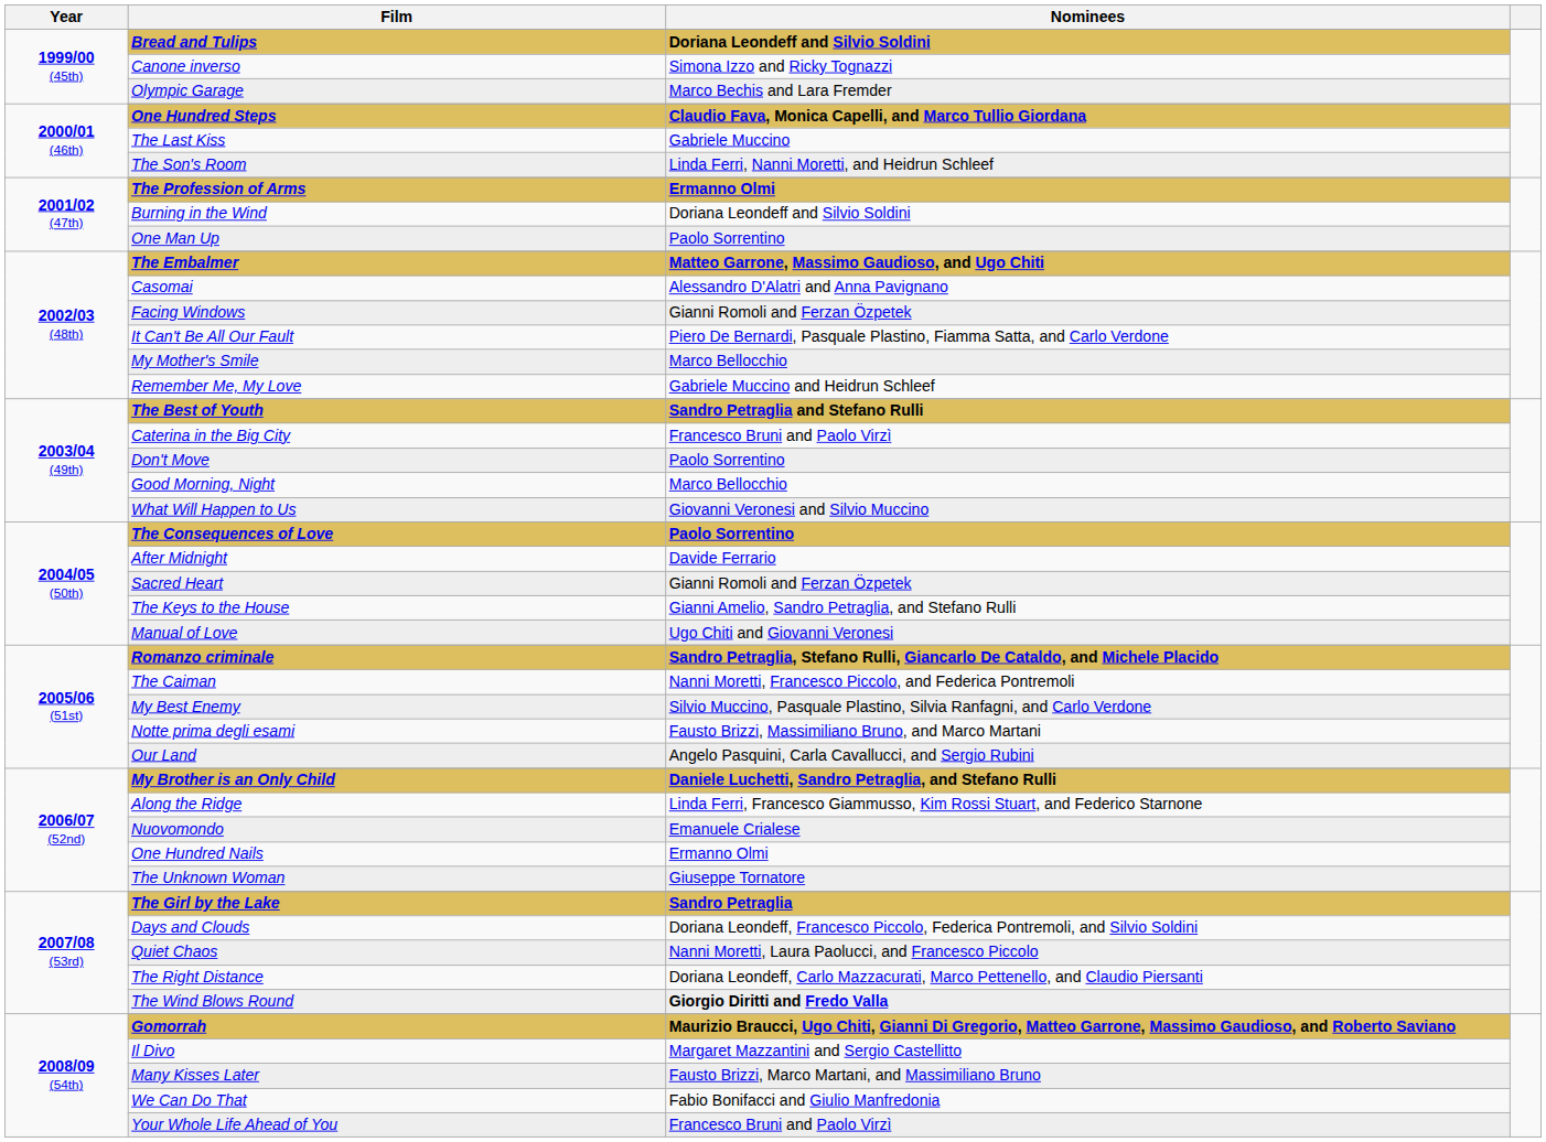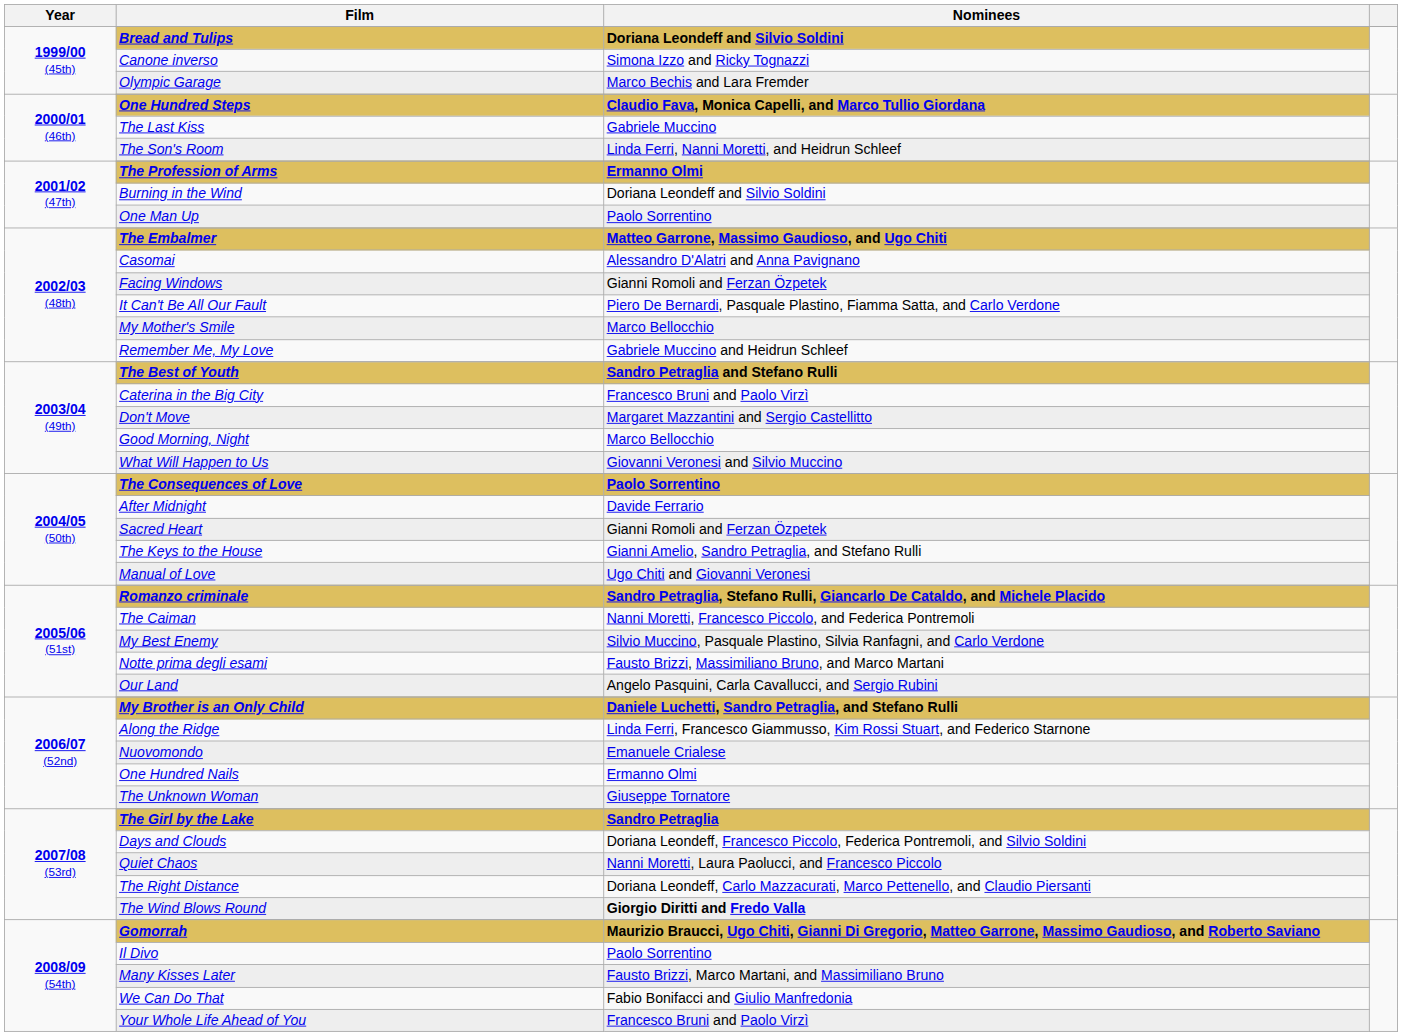 <table class="wikitable" style="width:100%">
 <tr bgcolor="#bebebe">
 <th width="8%">Year</th>
 <th width="35%">Film</th>
 <th width="55%">Nominees</th>
 <th width="2%" class="unstable"></th>
 </tr>
 <tr>
 <td rowspan=4 style="text-align:center"><strong><a href='#'>1999/00</a></strong><br><small><a href='#'>(45th)</a></small></td>
 </tr>
 <tr>
 <td style="background:#DDBF5F"><strong><em><a href='#'>Bread and Tulips</a></em></strong></td>
 <td style="background:#DDBF5F"><strong>Doriana Leondeff and <a href='#'>Silvio Soldini</a></strong></td>
 <td rowspan=4 style="text-align:center"></td>
 </tr>
 <tr>
 <td><em><a href='#'>Canone inverso</a></em></td>
 <td><a href='#'>Simona Izzo</a> and <a href='#'>Ricky Tognazzi</a></td>
 </tr>
 <tr style="background:#eee;">
 <td><em><a href='#'>Olympic Garage</a></em></td>
 <td><a href='#'>Marco Bechis</a> and Lara Fremder</td>
 </tr>
 <tr>
 <td rowspan=4 style="text-align:center"><strong><a href='#'>2000/01</a></strong><br><small><a href='#'>(46th)</a></small></td>
 </tr>
 <tr>
 <td style="background:#DDBF5F"><strong><em><a href='#'>One Hundred Steps</a></em></strong></td>
 <td style="background:#DDBF5F"><strong><a href='#'>Claudio Fava</a>, Monica Capelli, and <a href='#'>Marco Tullio Giordana</a></strong></td>
 <td rowspan=4 style="text-align:center"></td>
 </tr>
 <tr>
 <td><em><a href='#'>The Last Kiss</a></em></td>
 <td><a href='#'>Gabriele Muccino</a></td>
 </tr>
 <tr style="background:#eee;">
 <td><em><a href='#'>The Son's Room</a></em></td>
 <td><a href='#'>Linda Ferri</a>, <a href='#'>Nanni Moretti</a>, and Heidrun Schleef</td>
 </tr>
 <tr>
 <td rowspan=4 style="text-align:center"><strong><a href='#'>2001/02</a></strong><br><small><a href='#'>(47th)</a></small></td>
 </tr>
 <tr>
 <td style="background:#DDBF5F"><strong><em><a href='#'>The Profession of Arms</a></em></strong></td>
 <td style="background:#DDBF5F"><strong><a href='#'>Ermanno Olmi</a></strong></td>
 <td rowspan=4 style="text-align:center"></td>
 </tr>
 <tr>
 <td><em><a href='#'>Burning in the Wind</a></em></td>
 <td>Doriana Leondeff and <a href='#'>Silvio Soldini</a></td>
 </tr>
 <tr style="background:#eee;">
 <td><em><a href='#'>One Man Up</a></em></td>
 <td><a href='#'>Paolo Sorrentino</a></td>
 </tr>
 <tr>
 <td rowspan=7 style="text-align:center"><strong><a href='#'>2002/03</a></strong><br><small><a href='#'>(48th)</a></small></td>
 </tr>
 <tr>
 <td style="background:#DDBF5F"><strong><em><a href='#'>The Embalmer</a></em></strong></td>
 <td style="background:#DDBF5F"><strong><a href='#'>Matteo Garrone</a>, <a href='#'>Massimo Gaudioso</a>, and <a href='#'>Ugo Chiti</a></strong></td>
 <td rowspan=7 style="text-align:center"></td>
 </tr>
 <tr>
 <td><em><a href='#'>Casomai</a></em></td>
 <td><a href='#'>Alessandro D'Alatri</a> and <a href='#'>Anna Pavignano</a></td>
 </tr>
 <tr style="background:#eee;">
 <td><em><a href='#'>Facing Windows</a></em></td>
 <td>Gianni Romoli and <a href='#'>Ferzan Özpetek</a></td>
 </tr>
 <tr>
 <td><em><a href='#'>It Can't Be All Our Fault</a></em></td>
 <td><a href='#'>Piero De Bernardi</a>, Pasquale Plastino, Fiamma Satta, and <a href='#'>Carlo Verdone</a></td>
 </tr>
 <tr style="background:#eee;">
 <td><em><a href='#'>My Mother's Smile</a></em></td>
 <td><a href='#'>Marco Bellocchio</a></td>
 </tr>
 <tr>
 <td><em><a href='#'>Remember Me, My Love</a></em></td>
 <td><a href='#'>Gabriele Muccino</a> and  Heidrun Schleef</td>
 </tr>
 <tr>
 <td rowspan=6 style="text-align:center"><strong><a href='#'>2003/04</a></strong><br><small><a href='#'>(49th)</a></small></td>
 </tr>
 <tr>
 <td style="background:#DDBF5F"><strong><em><a href='#'>The Best of Youth</a></em></strong></td>
 <td style="background:#DDBF5F"><strong><a href='#'>Sandro Petraglia</a> and Stefano Rulli</strong></td>
 <td rowspan=6 style="text-align:center"></td>
 </tr>
 <tr>
 <td><em><a href='#'>Caterina in the Big City</a></em></td>
 <td><a href='#'>Francesco Bruni</a> and <a href='#'>Paolo Virzì</a></td>
 </tr>
 <tr style="background:#eee;">
 <td><em><a href='#'>Don't Move</a></em></td>
-<td><a href='#'>Paolo Sorrentino</a></td>
+<td><a href='#'>Margaret Mazzantini</a> and <a href='#'>Sergio Castellitto</a></td>
 </tr>
 <tr>
 <td><em><a href='#'>Good Morning, Night</a></em></td>
 <td><a href='#'>Marco Bellocchio</a></td>
 </tr>
 <tr style="background:#eee;">
 <td><em><a href='#'>What Will Happen to Us</a></em></td>
 <td><a href='#'>Giovanni Veronesi</a> and <a href='#'>Silvio Muccino</a></td>
 </tr>
 <tr>
 <td rowspan=6 style="text-align:center"><strong><a href='#'>2004/05</a></strong><br><small><a href='#'>(50th)</a></small></td>
 </tr>
 <tr>
 <td style="background:#DDBF5F"><strong><em><a href='#'>The Consequences of Love</a></em></strong></td>
 <td style="background:#DDBF5F"><strong><a href='#'>Paolo Sorrentino</a></strong></td>
 <td rowspan=6 style="text-align:center"></td>
 </tr>
 <tr>
 <td><em><a href='#'>After Midnight</a></em></td>
 <td><a href='#'>Davide Ferrario</a></td>
 </tr>
 <tr style="background:#eee;">
 <td><em><a href='#'>Sacred Heart</a></em></td>
 <td>Gianni Romoli and <a href='#'>Ferzan Özpetek</a></td>
 </tr>
 <tr>
 <td><em><a href='#'>The Keys to the House</a></em></td>
 <td><a href='#'>Gianni Amelio</a>, <a href='#'>Sandro Petraglia</a>, and Stefano Rulli</td>
 </tr>
 <tr style="background:#eee;">
 <td><em><a href='#'>Manual of Love</a></em></td>
 <td><a href='#'>Ugo Chiti</a> and <a href='#'>Giovanni Veronesi</a></td>
 </tr>
 <tr>
 <td rowspan=6 style="text-align:center"><strong><a href='#'>2005/06</a></strong><br><small><a href='#'>(51st)</a></small></td>
 </tr>
 <tr>
 <td style="background:#DDBF5F"><strong><em><a href='#'>Romanzo criminale</a></em></strong></td>
 <td style="background:#DDBF5F"><strong><a href='#'>Sandro Petraglia</a>, Stefano Rulli, <a href='#'>Giancarlo De Cataldo</a>, and <a href='#'>Michele Placido</a></strong></td>
 <td rowspan=6 style="text-align:center"></td>
 </tr>
 <tr>
 <td><em><a href='#'>The Caiman</a></em></td>
 <td><a href='#'>Nanni Moretti</a>, <a href='#'>Francesco Piccolo</a>, and Federica Pontremoli</td>
 </tr>
 <tr style="background:#eee;">
 <td><em><a href='#'>My Best Enemy</a></em></td>
 <td><a href='#'>Silvio Muccino</a>, Pasquale Plastino, Silvia Ranfagni, and <a href='#'>Carlo Verdone</a></td>
 </tr>
 <tr>
 <td><em><a href='#'>Notte prima degli esami</a></em></td>
 <td><a href='#'>Fausto Brizzi</a>, <a href='#'>Massimiliano Bruno</a>, and Marco Martani</td>
 </tr>
 <tr style="background:#eee;">
 <td><em><a href='#'>Our Land</a></em></td>
 <td>Angelo Pasquini, Carla Cavallucci, and <a href='#'>Sergio Rubini</a></td>
 </tr>
 <tr>
 <td rowspan=6 style="text-align:center"><strong><a href='#'>2006/07</a></strong><br><small><a href='#'>(52nd)</a></small></td>
 </tr>
 <tr>
 <td style="background:#DDBF5F"><strong><em><a href='#'>My Brother is an Only Child</a></em></strong></td>
 <td style="background:#DDBF5F"><strong><a href='#'>Daniele Luchetti</a>, <a href='#'>Sandro Petraglia</a>, and Stefano Rulli</strong></td>
 <td rowspan=6 style="text-align:center"></td>
 </tr>
 <tr>
 <td><em><a href='#'>Along the Ridge</a></em></td>
 <td><a href='#'>Linda Ferri</a>, Francesco Giammusso, <a href='#'>Kim Rossi Stuart</a>, and Federico Starnone</td>
 </tr>
 <tr style="background:#eee;">
 <td><em><a href='#'>Nuovomondo</a></em></td>
 <td><a href='#'>Emanuele Crialese</a></td>
 </tr>
 <tr>
 <td><em><a href='#'>One Hundred Nails</a></em></td>
 <td><a href='#'>Ermanno Olmi</a></td>
 </tr>
 <tr style="background:#eee;">
 <td><em><a href='#'>The Unknown Woman</a></em></td>
 <td><a href='#'>Giuseppe Tornatore</a></td>
 </tr>
 <tr>
 <td rowspan=6 style="text-align:center"><strong><a href='#'>2007/08</a></strong><br><small><a href='#'>(53rd)</a></small></td>
 </tr>
 <tr>
 <td style="background:#DDBF5F"><strong><em><a href='#'>The Girl by the Lake</a></em></strong></td>
 <td style="background:#DDBF5F"><strong><a href='#'>Sandro Petraglia</a></strong></td>
 <td rowspan=6 style="text-align:center"></td>
 </tr>
 <tr>
 <td><em><a href='#'>Days and Clouds</a></em></td>
 <td>Doriana Leondeff, <a href='#'>Francesco Piccolo</a>, Federica Pontremoli, and <a href='#'>Silvio Soldini</a></td>
 </tr>
 <tr style="background:#eee;">
 <td><em><a href='#'>Quiet Chaos</a></em></td>
 <td><a href='#'>Nanni Moretti</a>, Laura Paolucci, and <a href='#'>Francesco Piccolo</a></td>
 </tr>
 <tr>
 <td><em><a href='#'>The Right Distance</a></em></td>
 <td>Doriana Leondeff, <a href='#'>Carlo Mazzacurati</a>, <a href='#'>Marco Pettenello</a>, and <a href='#'>Claudio Piersanti</a></td>
 </tr>
 <tr style="background:#eee;">
 <td><em><a href='#'>The Wind Blows Round</a></em></td>
 <td><strong>Giorgio Diritti and <a href='#'>Fredo Valla</a></strong></td>
 </tr>
 <tr>
 <td rowspan=6 style="text-align:center"><strong><a href='#'>2008/09</a></strong><br><small><a href='#'>(54th)</a></small></td>
 </tr>
 <tr>
 <td style="background:#DDBF5F"><strong><em><a href='#'>Gomorrah</a></em></strong></td>
 <td style="background:#DDBF5F"><strong>Maurizio Braucci, <a href='#'>Ugo Chiti</a>, <a href='#'>Gianni Di Gregorio</a>, <a href='#'>Matteo Garrone</a>, <a href='#'>Massimo Gaudioso</a>, and <a href='#'>Roberto Saviano</a></strong></td>
 <td rowspan=6 style="text-align:center"></td>
 </tr>
 <tr>
 <td><em><a href='#'>Il Divo</a></em></td>
-<td><a href='#'>Margaret Mazzantini</a> and <a href='#'>Sergio Castellitto</a></td>
+<td><a href='#'>Paolo Sorrentino</a></td>
 </tr>
 <tr style="background:#eee;">
 <td><em><a href='#'>Many Kisses Later</a></em></td>
 <td><a href='#'>Fausto Brizzi</a>, Marco Martani, and <a href='#'>Massimiliano Bruno</a></td>
 </tr>
 <tr>
 <td><em><a href='#'>We Can Do That</a></em></td>
 <td>Fabio Bonifacci and <a href='#'>Giulio Manfredonia</a></td>
 </tr>
 <tr style="background:#eee;">
 <td><em><a href='#'>Your Whole Life Ahead of You</a></em></td>
 <td><a href='#'>Francesco Bruni</a> and <a href='#'>Paolo Virzì</a></td>
 </tr>
 </table>
